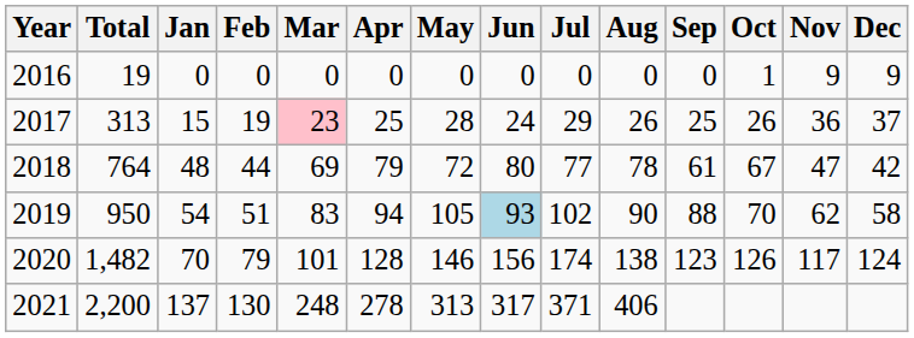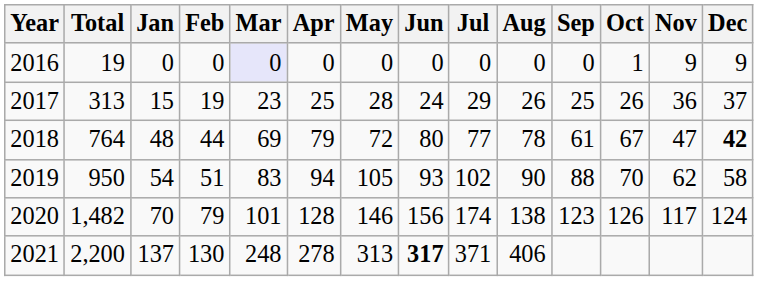 <table class="wikitable" style="text-align:right;">
 <tr>
 <th>Year</th>
 <th>Total</th>
 <th>Jan</th>
 <th>Feb</th>
 <th>Mar</th>
 <th>Apr</th>
 <th>May</th>
 <th>Jun</th>
 <th>Jul</th>
 <th>Aug</th>
 <th>Sep</th>
 <th>Oct</th>
 <th>Nov</th>
 <th>Dec</th>
 </tr>
 <tr align=right>
 <td>2016</td>
 <td>19</td>
 <td>0</td>
 <td>0</td>
-<td>0</td>
+<td style="background: lavender;">0</td>
 <td>0</td>
 <td>0</td>
 <td>0</td>
 <td>0</td>
 <td>0</td>
 <td>0</td>
 <td>1</td>
 <td>9</td>
 <td>9</td>
 </tr>
 <tr align=right>
 <td>2017</td>
 <td>313</td>
 <td>15</td>
 <td>19</td>
-<td style="background: pink;">23</td>
+<td>23</td>
 <td>25</td>
 <td>28</td>
 <td>24</td>
 <td>29</td>
 <td>26</td>
 <td>25</td>
 <td>26</td>
 <td>36</td>
 <td>37</td>
 </tr>
 <tr align=right>
 <td>2018</td>
 <td>764</td>
 <td>48</td>
 <td>44</td>
 <td>69</td>
 <td>79</td>
 <td>72</td>
 <td>80</td>
 <td>77</td>
 <td>78</td>
 <td>61</td>
 <td>67</td>
 <td>47</td>
-<td>42</td>
+<td><strong>42</strong></td>
 </tr>
 <tr align=right>
 <td>2019</td>
 <td>950</td>
 <td>54</td>
 <td>51</td>
 <td>83</td>
 <td>94</td>
 <td>105</td>
-<td style="background: lightblue;">93</td>
+<td>93</td>
 <td>102</td>
 <td>90</td>
 <td>88</td>
 <td>70</td>
 <td>62</td>
 <td>58</td>
 </tr>
 <tr align=right>
 <td>2020</td>
 <td>1,482</td>
 <td>70</td>
 <td>79</td>
 <td>101</td>
 <td>128</td>
 <td>146</td>
 <td>156</td>
 <td>174</td>
 <td>138</td>
 <td>123</td>
 <td>126</td>
 <td>117</td>
 <td>124</td>
 </tr>
 <tr align=right>
 <td>2021</td>
 <td>2,200</td>
 <td>137</td>
 <td>130</td>
 <td>248</td>
 <td>278</td>
 <td>313</td>
-<td>317</td>
+<td><strong>317</strong></td>
 <td>371</td>
 <td>406</td>
 <td></td>
 <td></td>
 <td></td>
 </tr>
 </table>
